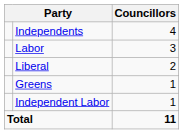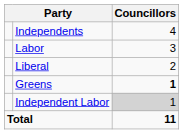 <table class="wikitable">
 <tr>
 <th colspan="2">Party</th>
 <th>Councillors</th>
 </tr>
 <tr>
 <td> </td>
 <td><a href='#'>Independents</a></td>
 <td align=right>4</td>
 </tr>
 <tr>
 <td> </td>
 <td><a href='#'>Labor</a></td>
 <td align=right>3</td>
 </tr>
 <tr>
 <td> </td>
 <td><a href='#'>Liberal</a></td>
 <td align=right>2</td>
 </tr>
 <tr>
 <td> </td>
 <td><a href='#'>Greens</a></td>
-<td align=right>1</td>
+<td align=right><strong>1</strong></td>
 </tr>
 <tr>
 <td> </td>
 <td><a href='#'>Independent Labor</a></td>
-<td align=right>1</td>
+<td align=right style="background: lightgrey;">1</td>
 </tr>
 <tr>
 <td colspan="2"><strong>Total</strong></td>
 <td align=right><strong>11</strong></td>
 </tr>
 </table>
